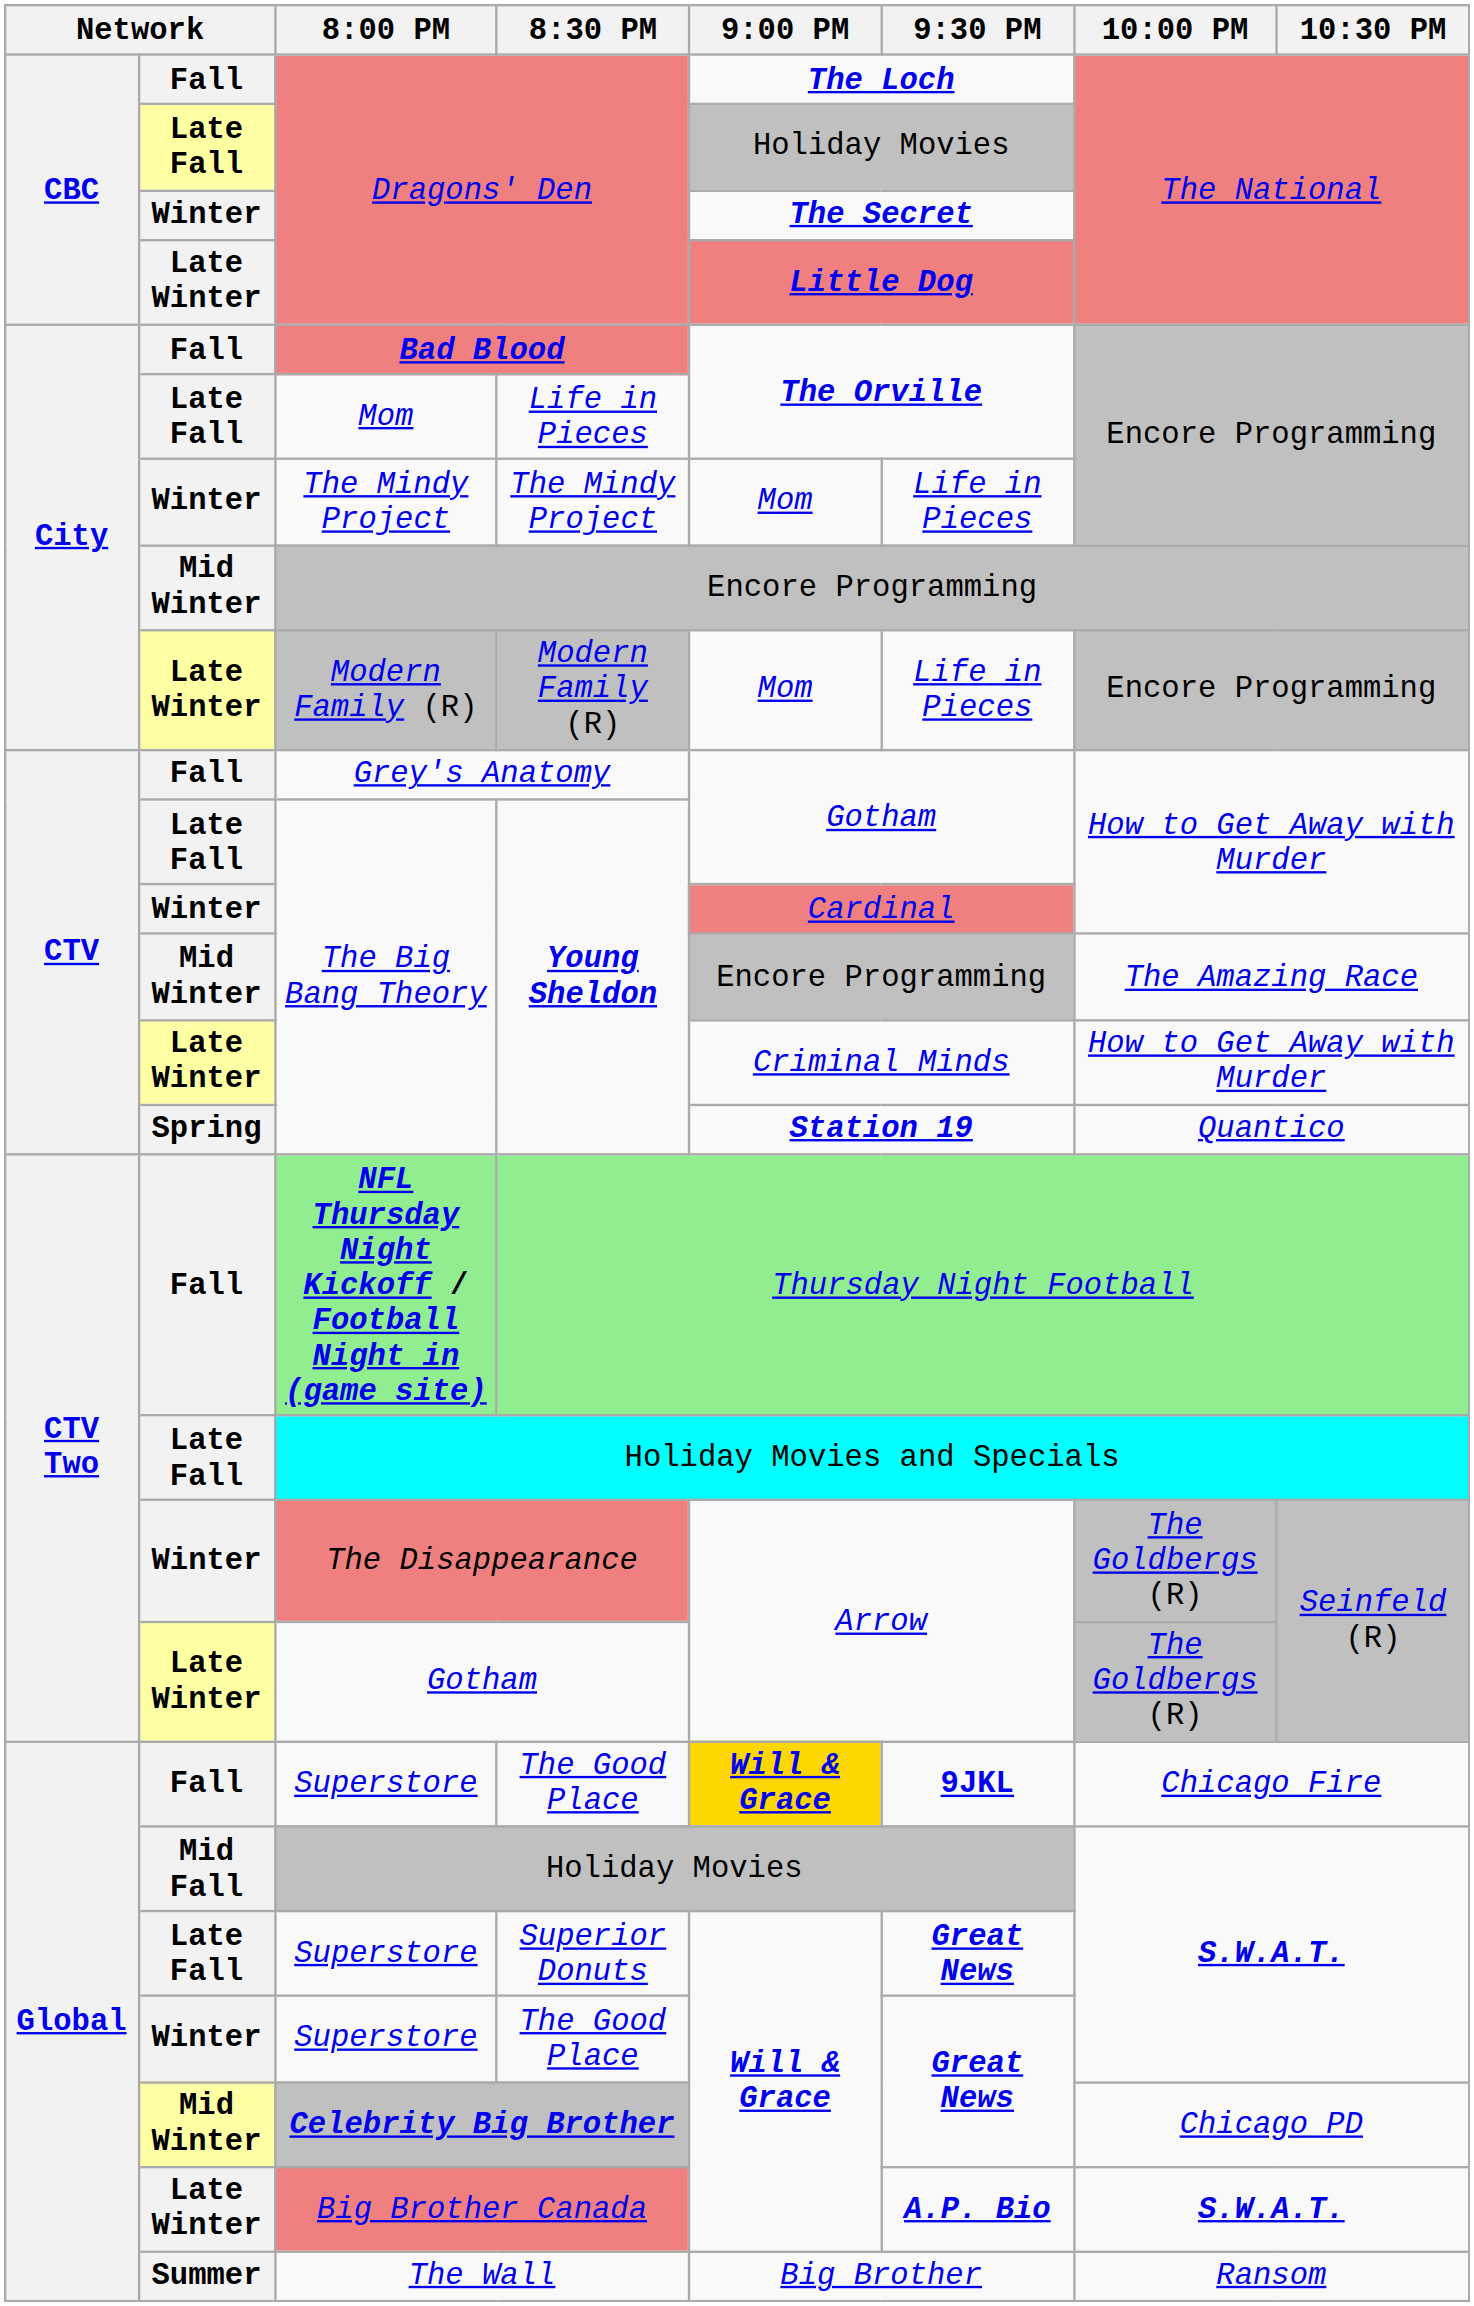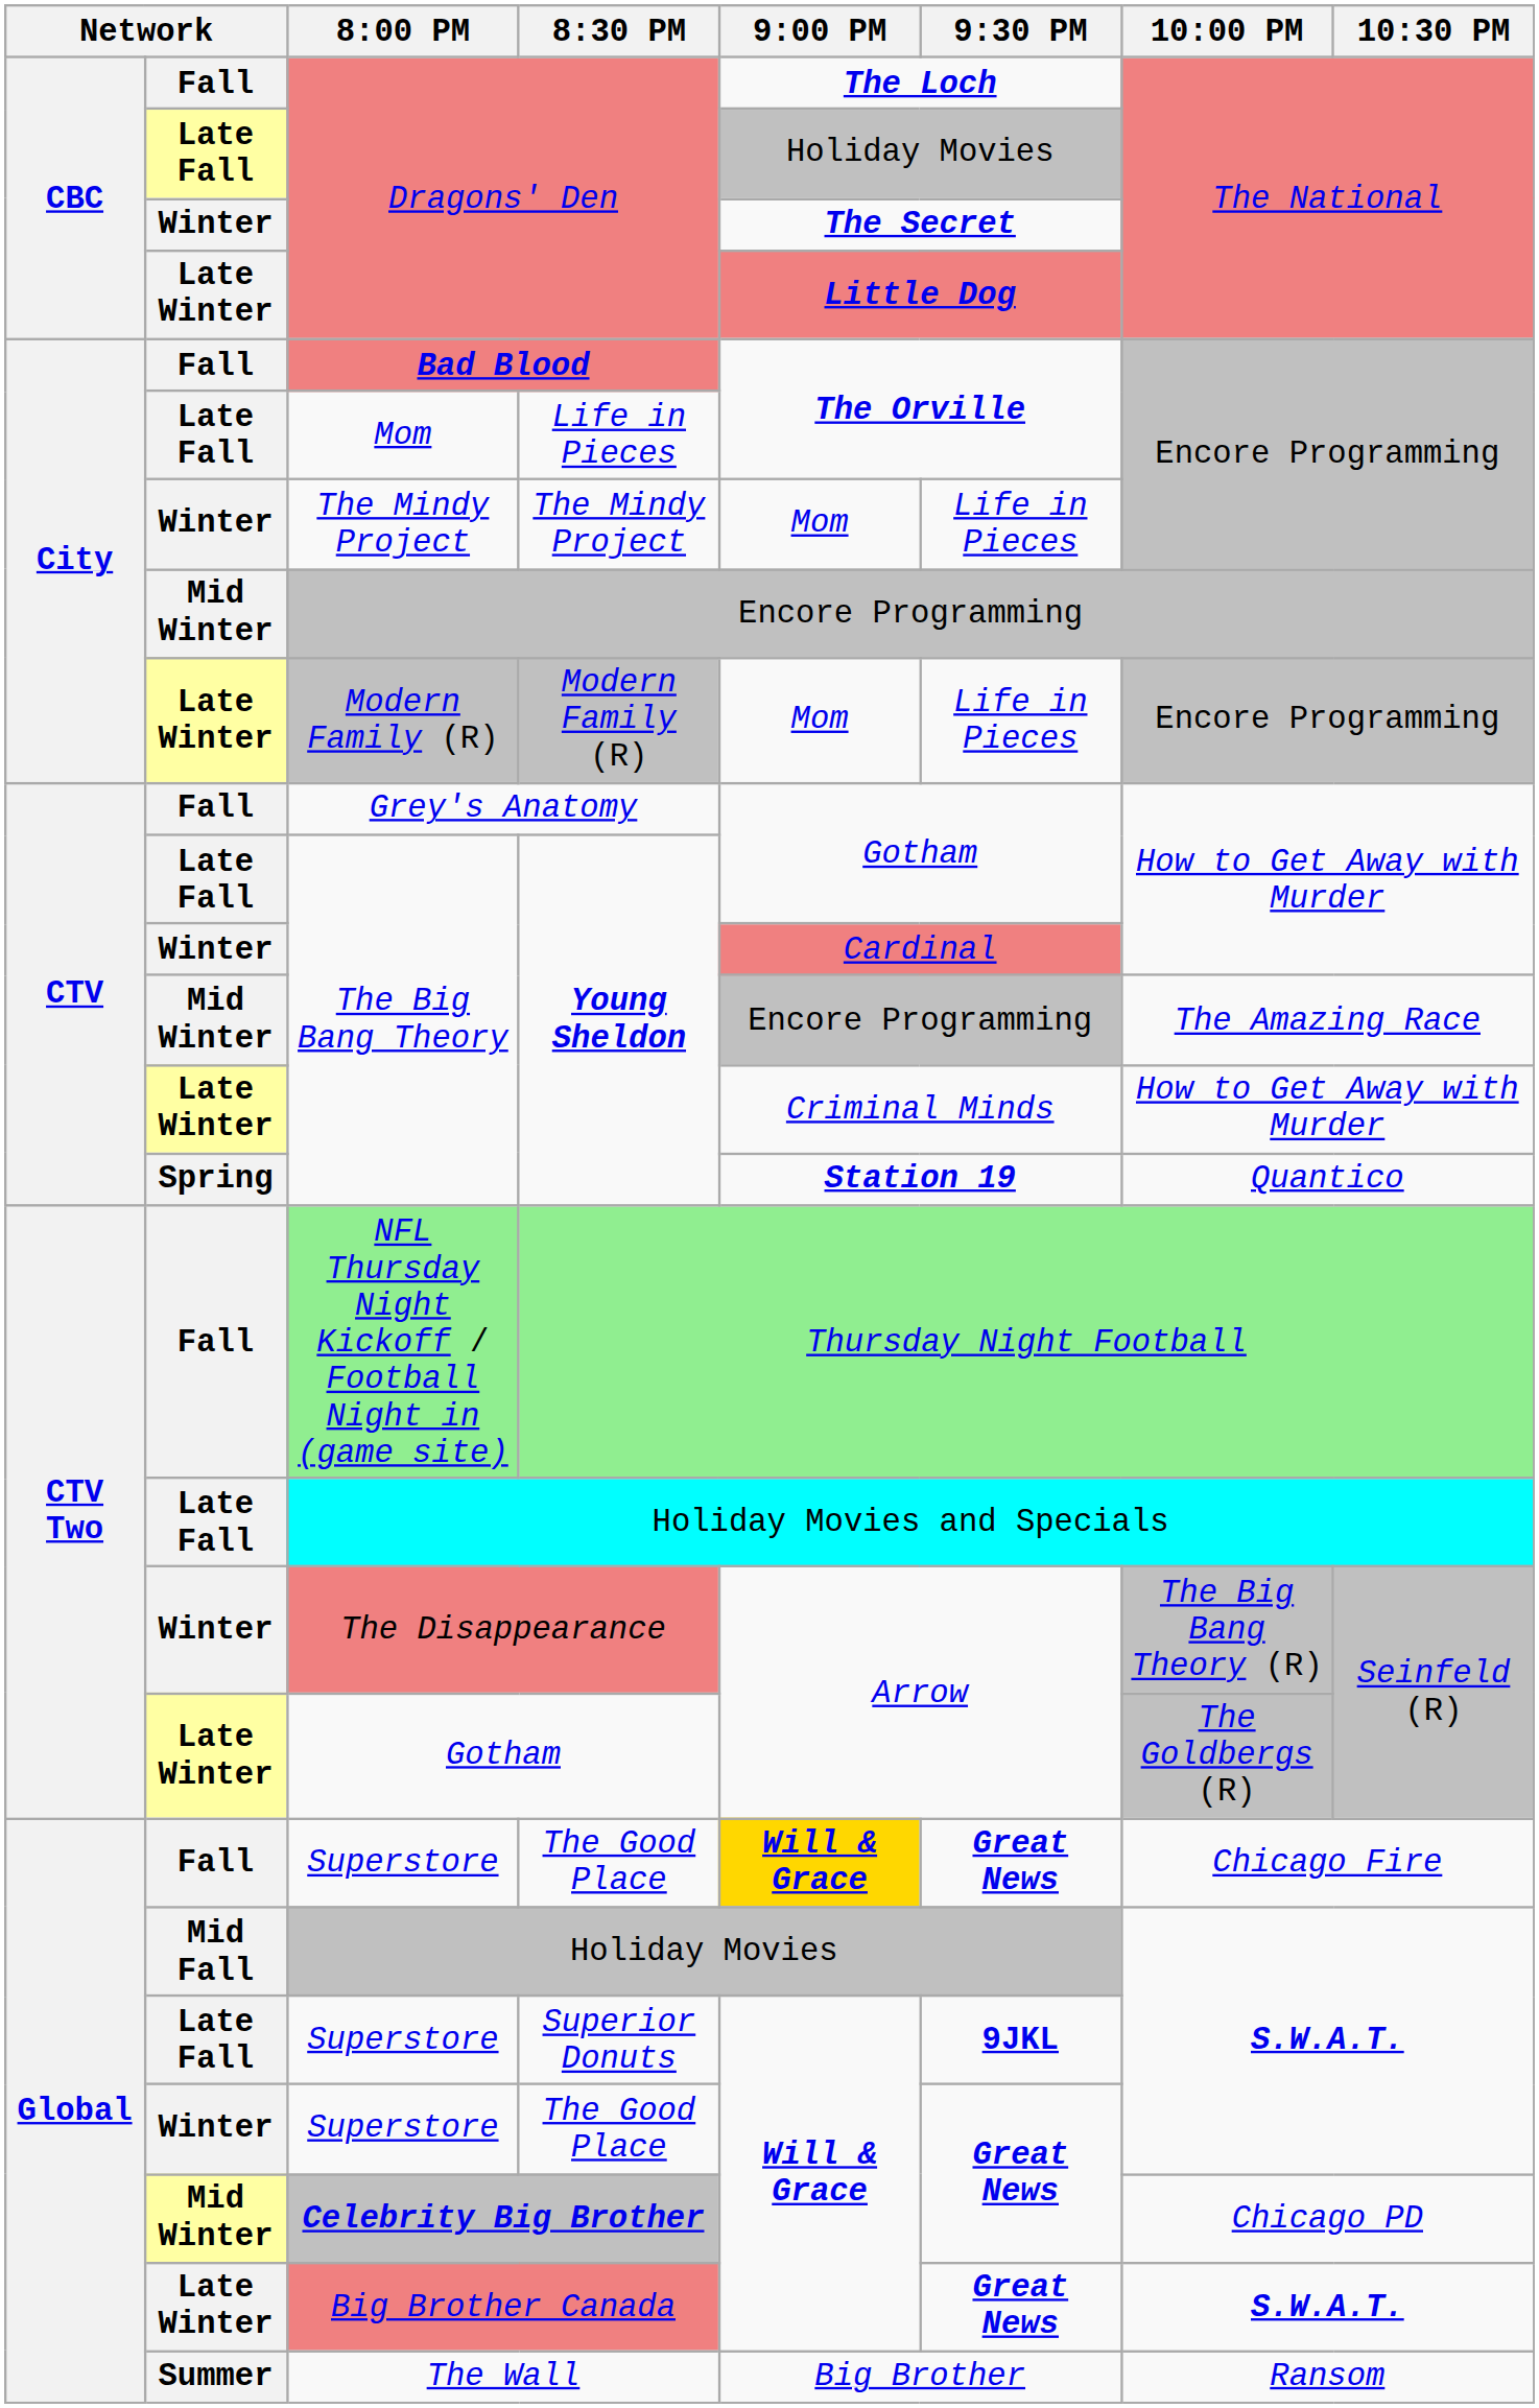 <table class="wikitable" style="width:100%;margin-right:0;text-align:center">
 <tr>
 <th colspan="2" style="width:10%;">Network</th>
 <th style="width:11.5%;">8:00 PM</th>
 <th style="width:11.5%;">8:30 PM</th>
 <th style="width:11.5%;">9:00 PM</th>
 <th style="width:11.5%;">9:30 PM</th>
 <th style="width:11.5%;">10:00 PM</th>
 <th style="width:11.5%;">10:30 PM</th>
 </tr>
 <tr>
 <th rowspan="4"><a href='#'>CBC</a></th>
 <th>Fall</th>
 <td rowspan="4" colspan="2" style="background:#f08080;"><em><a href='#'>Dragons' Den</a></em></td>
 <td colspan="2"><strong><em><a href='#'>The Loch</a></em></strong></td>
 <td rowspan="4" colspan="2" style="background:#f08080;"><em><a href='#'>The National</a></em></td>
 </tr>
 <tr>
 <th style="background:#FFFFA3;">Late Fall</th>
 <td colspan="2" style="background:silver;">Holiday Movies</td>
 </tr>
 <tr>
 <th>Winter</th>
 <td colspan="2"><strong><em><a href='#'>The Secret</a></em></strong> </td>
 </tr>
 <tr>
 <th>Late Winter</th>
 <td colspan="2" style="background:#f08080;"><strong><em><a href='#'>Little Dog</a></em></strong> </td>
 </tr>
 <tr>
 <th rowspan="5"><a href='#'>City</a></th>
 <th>Fall</th>
 <td colspan="2" style="background:#f08080;"><strong><em><a href='#'>Bad Blood</a></em></strong></td>
 <td rowspan="2" colspan="2"><strong><em><a href='#'>The Orville</a></em></strong></td>
 <td rowspan="3" colspan="2" style="background:silver;">Encore Programming</td>
 </tr>
 <tr>
 <th>Late Fall</th>
 <td><em><a href='#'>Mom</a></em></td>
 <td><em><a href='#'>Life in Pieces</a></em></td>
 </tr>
 <tr>
 <th>Winter</th>
 <td><em><a href='#'>The Mindy Project</a></em></td>
 <td><em><a href='#'>The Mindy Project</a></em></td>
 <td><em><a href='#'>Mom</a></em></td>
 <td><em><a href='#'>Life in Pieces</a></em></td>
 </tr>
 <tr>
 <th>Mid Winter</th>
 <td colspan="6" style="background:silver;">Encore Programming</td>
 </tr>
 <tr>
 <th style="background:#FFFFA3;">Late Winter</th>
 <td style="background:silver;"><em><a href='#'>Modern Family</a></em> (R)</td>
 <td style="background:silver;"><em><a href='#'>Modern Family</a></em> (R)</td>
 <td><em><a href='#'>Mom</a></em></td>
 <td><em><a href='#'>Life in Pieces</a></em></td>
 <td colspan="2" style="background:silver;">Encore Programming</td>
 </tr>
 <tr>
 <th rowspan="6"><a href='#'>CTV</a></th>
 <th>Fall</th>
 <td colspan="2"><em><a href='#'>Grey's Anatomy</a></em></td>
 <td rowspan="2" colspan="2"><em><a href='#'>Gotham</a></em></td>
 <td rowspan="3" colspan="2"><em><a href='#'>How to Get Away with Murder</a></em></td>
 </tr>
 <tr>
 <th>Late Fall</th>
 <td rowspan="5"><em><a href='#'>The Big Bang Theory</a></em></td>
 <td rowspan="5"><strong><em><a href='#'>Young Sheldon</a></em></strong></td>
 </tr>
 <tr>
 <th>Winter</th>
 <td colspan="2" style="background:#f08080;"><em><a href='#'>Cardinal</a></em></td>
 </tr>
 <tr>
 <th>Mid Winter</th>
 <td colspan="2" style="background:silver;">Encore Programming</td>
 <td colspan="2"><em><a href='#'>The Amazing Race</a></em></td>
 </tr>
 <tr>
 <th style="background:#FFFFA3;">Late Winter</th>
 <td colspan="2"><em><a href='#'>Criminal Minds</a></em></td>
 <td colspan="2"><em><a href='#'>How to Get Away with Murder</a></em></td>
 </tr>
 <tr>
 <th>Spring</th>
 <td colspan="2"><strong><em><a href='#'>Station 19</a></em></strong></td>
 <td colspan="2"><em><a href='#'>Quantico</a></em></td>
 </tr>
 <tr>
 <th rowspan="4"><a href='#'>CTV Two</a></th>
 <th>Fall</th>
-<td style="background:lightgreen"><strong><em><a href='#'>NFL Thursday Night Kickoff</a></em> / <em><a href='#'>Football Night in (game site)</a></em><br></strong></td>
+<td style="background:lightgreen"><em><a href='#'>NFL Thursday Night Kickoff</a></em> / <em><a href='#'>Football Night in (game site)</a></em><br></td>
 <td colspan="5" style="background:lightgreen"><em><a href='#'>Thursday Night Football</a></em> </td>
 </tr>
 <tr>
 <th>Late Fall</th>
 <td colspan="6" style="background:cyan;">Holiday Movies and Specials</td>
 </tr>
 <tr>
 <th>Winter</th>
 <td colspan="2" style="background:#f08080;"><em>The Disappearance</em></td>
 <td colspan="2" rowspan="2"><em><a href='#'>Arrow</a></em></td>
-<td style="background:silver;"><em><a href='#'>The Goldbergs</a></em> (R)</td>
+<td style="background:silver;"><em><a href='#'>The Big Bang Theory</a></em> (R)</td>
 <td rowspan="2" style="background:silver;"><em><a href='#'>Seinfeld</a></em> (R)</td>
 </tr>
 <tr>
 <th style="background:#FFFFA3;">Late Winter</th>
 <td colspan="2"><em><a href='#'>Gotham</a></em></td>
 <td style="background:silver;"><em><a href='#'>The Goldbergs</a></em> (R)</td>
 </tr>
 <tr>
 <th rowspan="7"><a href='#'>Global</a></th>
 <th>Fall</th>
 <td><em><a href='#'>Superstore</a></em></td>
 <td><em><a href='#'>The Good Place</a></em></td>
 <td style="background: gold;"><strong><em><a href='#'>Will & Grace</a></em></strong></td>
-<td><strong><a href='#'>9JKL</a></strong></td>
+<td><strong><em><a href='#'>Great News</a></em></strong></td>
 <td colspan="2"><em><a href='#'>Chicago Fire</a></em></td>
 </tr>
 <tr>
 <th>Mid Fall</th>
 <td colspan="4" style="background:silver;">Holiday Movies</td>
 <td colspan="2" rowspan="3"><strong><em><a href='#'>S.W.A.T.</a></em></strong></td>
 </tr>
 <tr>
 <th>Late Fall</th>
 <td><em><a href='#'>Superstore</a></em></td>
 <td><em><a href='#'>Superior Donuts</a></em></td>
 <td rowspan="4"><strong><em><a href='#'>Will & Grace</a></em></strong></td>
-<td><strong><em><a href='#'>Great News</a></em></strong></td>
+<td><strong><a href='#'>9JKL</a></strong></td>
 </tr>
 <tr>
 <th>Winter</th>
 <td><em><a href='#'>Superstore</a></em></td>
 <td><em><a href='#'>The Good Place</a></em></td>
 <td rowspan="2"><strong><em><a href='#'>Great News</a></em></strong></td>
 </tr>
 <tr>
 <th style="background:#FFFFA3;">Mid Winter</th>
 <td colspan="2" style="background:silver;"><strong><em><a href='#'>Celebrity Big Brother</a></em></strong></td>
 <td colspan="2"><em><a href='#'>Chicago PD</a></em></td>
 </tr>
 <tr>
 <th>Late Winter</th>
 <td colspan="2" style="background:#f08080;"><em><a href='#'>Big Brother Canada</a></em></td>
-<td><strong><em><a href='#'>A.P. Bio</a></em></strong></td>
+<td><strong><em><a href='#'>Great News</a></em></strong></td>
 <td colspan="2"><strong><em><a href='#'>S.W.A.T.</a></em></strong></td>
 </tr>
 <tr>
 <th>Summer</th>
 <td colspan="2"><em><a href='#'>The Wall</a></em></td>
 <td colspan="2"><em><a href='#'>Big Brother</a></em></td>
 <td colspan="2"><em><a href='#'>Ransom</a></em></td>
 </tr>
 </table>
